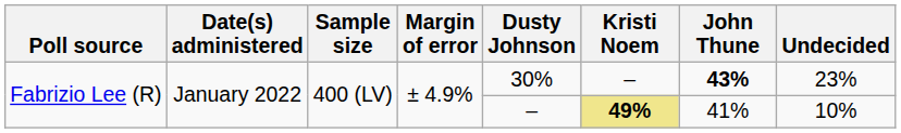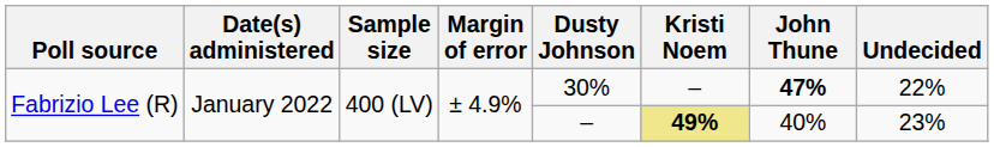 <table class="wikitable" style="font-size:90%;text-align:center;">
 <tr valign=bottom>
 <th>Poll source</th>
 <th>Date(s)<br>administered</th>
 <th>Sample<br>size</th>
 <th>Margin<br>of error</th>
 <th style="width:60px;">Dusty<br>Johnson</th>
 <th style="width:60px;">Kristi<br>Noem</th>
 <th style="width:60px;">John<br>Thune</th>
 <th>Undecided</th>
 </tr>
 <tr>
 <td style="text-align:left;" rowspan="2"><a href='#'>Fabrizio Lee</a> (R)</td>
 <td rowspan="2">January 2022</td>
 <td rowspan="2">400 (LV)</td>
 <td rowspan="2">± 4.9%</td>
 <td>30%</td>
 <td>–</td>
-<td><strong>43%</strong></td>
-<td>23%</td>
+<td><strong>47%</strong></td>
+<td>22%</td>
 </tr>
 <tr>
 <td>–</td>
 <td style="background: khaki;"><strong>49%</strong></td>
-<td>41%</td>
-<td>10%</td>
+<td>40%</td>
+<td>23%</td>
 </tr>
 </table>
